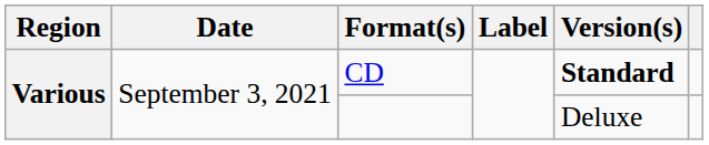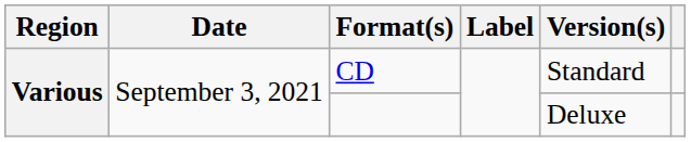 <table class="wikitable plainrowheaders">
 <tr>
 <th scope="col">Region</th>
 <th scope="col">Date</th>
 <th scope="col">Format(s)</th>
 <th scope="col">Label</th>
 <th scope="col">Version(s)</th>
 <th scope="col"></th>
 </tr>
 <tr>
 <th scope="row" rowspan="2">Various</th>
 <td rowspan="2">September 3, 2021</td>
 <td><a href='#'>CD</a></td>
 <td rowspan="2"></td>
-<td><strong>Standard</strong></td>
+<td>Standard</td>
 <td style="text-align:center;"></td>
 </tr>
 <tr>
 <td></td>
 <td>Deluxe</td>
 <td style="text-align:center;"></td>
 </tr>
 </table>
